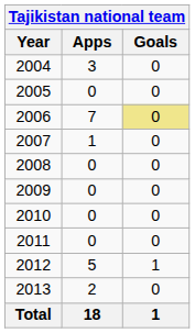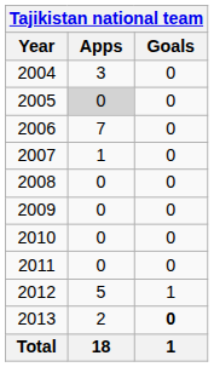 <table class="wikitable" style="text-align:center">
 <tr>
 <th colspan=3><a href='#'>Tajikistan national team</a></th>
 </tr>
 <tr>
 <th>Year</th>
 <th>Apps</th>
 <th>Goals</th>
 </tr>
 <tr>
 <td>2004</td>
 <td>3</td>
 <td>0</td>
 </tr>
 <tr>
 <td>2005</td>
-<td>0</td>
+<td style="background: lightgrey;">0</td>
 <td>0</td>
 </tr>
 <tr>
 <td>2006</td>
 <td>7</td>
-<td style="background: khaki;">0</td>
+<td>0</td>
 </tr>
 <tr>
 <td>2007</td>
 <td>1</td>
 <td>0</td>
 </tr>
 <tr>
 <td>2008</td>
 <td>0</td>
 <td>0</td>
 </tr>
 <tr>
 <td>2009</td>
 <td>0</td>
 <td>0</td>
 </tr>
 <tr>
 <td>2010</td>
 <td>0</td>
 <td>0</td>
 </tr>
 <tr>
 <td>2011</td>
 <td>0</td>
 <td>0</td>
 </tr>
 <tr>
 <td>2012</td>
 <td>5</td>
 <td>1</td>
 </tr>
 <tr>
 <td>2013</td>
 <td>2</td>
-<td>0</td>
+<td><strong>0</strong></td>
 </tr>
 <tr>
 <th>Total</th>
 <th>18</th>
 <th>1</th>
 </tr>
 </table>
